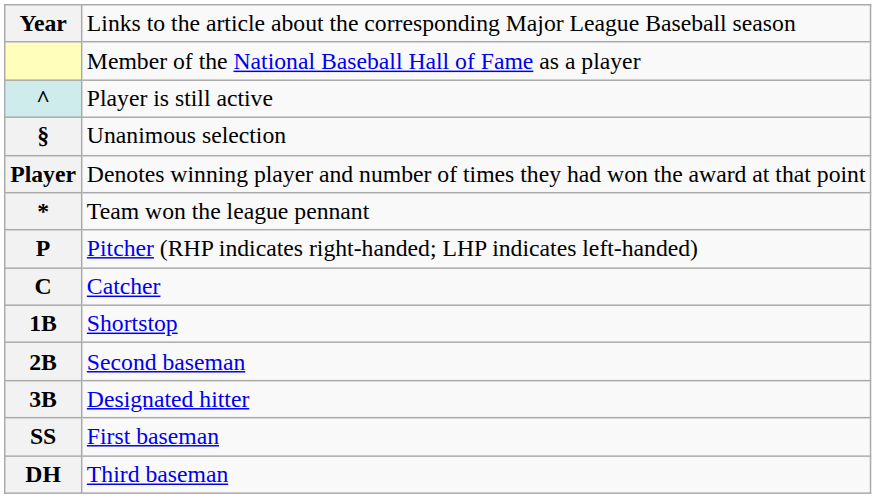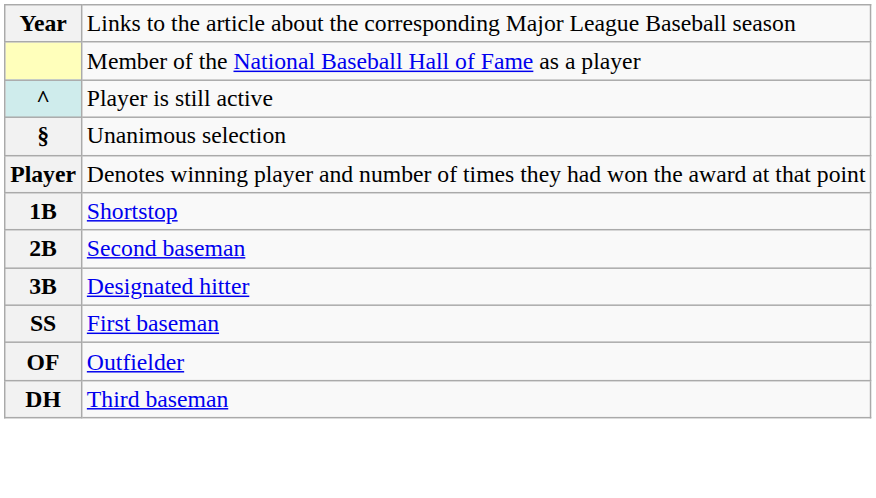 <table class="wikitable plainrowheaders">
 <tr>
 <th scope="row" style="text-align:center"><strong>Year</strong></th>
 <td>Links to the article about the corresponding Major League Baseball season</td>
 </tr>
 <tr>
 <th scope="row" style="text-align:center; background:#ffb;"></th>
 <td>Member of the <a href='#'>National Baseball Hall of Fame</a> as a player</td>
 </tr>
 <tr>
 <th scope="row" style="text-align:center; background:#cfecec;">^</th>
 <td>Player is still active</td>
 </tr>
 <tr>
 <th scope="row" style="text-align:center">§</th>
 <td>Unanimous selection</td>
 </tr>
 <tr>
 <th scope="row" style="text-align:center"><strong>Player</strong> </th>
 <td>Denotes winning player and number of times they had won the award at that point</td>
 </tr>
 <tr>
-<th scope="row" style="text-align:center">*</th>
-<td>Team won the league pennant</td>
-</tr>
-<tr>
-<th scope="row" style="text-align:center"><strong>P</strong></th>
-<td><a href='#'>Pitcher</a> (RHP indicates right-handed; LHP indicates left-handed)</td>
-</tr>
-<tr>
-<th scope="row" style="text-align:center"><strong>C</strong></th>
-<td><a href='#'>Catcher</a></td>
-</tr>
-<tr>
 <th scope="row" style="text-align:center"><strong>1B</strong></th>
 <td><a href='#'>Shortstop</a></td>
 </tr>
 <tr>
 <th scope="row" style="text-align:center"><strong>2B</strong></th>
 <td><a href='#'>Second baseman</a></td>
 </tr>
 <tr>
 <th scope="row" style="text-align:center"><strong>3B</strong></th>
 <td><a href='#'>Designated hitter</a></td>
 </tr>
 <tr>
 <th scope="row" style="text-align:center"><strong>SS</strong></th>
 <td><a href='#'>First baseman</a></td>
 </tr>
 <tr>
+<th scope="row" style="text-align:center"><strong>OF</strong></th>
+<td><a href='#'>Outfielder</a></td>
+</tr>
+<tr>
 <th scope="row" style="text-align:center"><strong>DH</strong></th>
 <td><a href='#'>Third baseman</a></td>
 </tr>
 </table>
